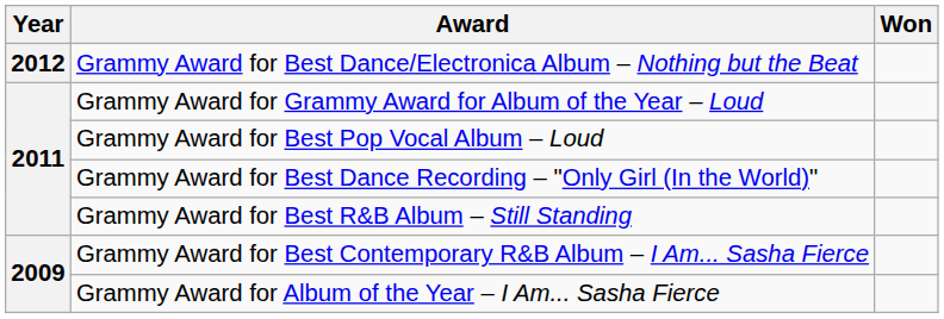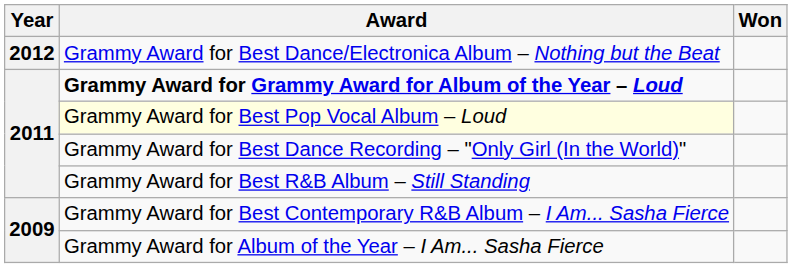 <table class="wikitable plainrowheaders">
 <tr>
 <th>Year</th>
 <th>Award</th>
 <th>Won</th>
 </tr>
 <tr>
 <th scope="row">2012</th>
 <td><a href='#'>Grammy Award</a> for <a href='#'>Best Dance/Electronica Album</a> – <em><a href='#'>Nothing but the Beat</a></em></td>
 <td></td>
 </tr>
 <tr>
 <th scope="row" rowspan="4">2011</th>
-<td>Grammy Award for <a href='#'>Grammy Award for Album of the Year</a> – <em><a href='#'>Loud</a></em></td>
+<td><strong>Grammy Award for <a href='#'>Grammy Award for Album of the Year</a> – <em><a href='#'>Loud</a></em></strong></td>
 <td></td>
 </tr>
 <tr>
-<td>Grammy Award for <a href='#'>Best Pop Vocal Album</a> – <em>Loud</em></td>
+<td style="background: lightyellow;">Grammy Award for <a href='#'>Best Pop Vocal Album</a> – <em>Loud</em></td>
 <td></td>
 </tr>
 <tr>
 <td>Grammy Award for <a href='#'>Best Dance Recording</a> – "<a href='#'>Only Girl (In the World)</a>"</td>
 <td></td>
 </tr>
 <tr>
 <td>Grammy Award for <a href='#'>Best R&B Album</a> – <em><a href='#'>Still Standing</a></em></td>
 <td></td>
 </tr>
 <tr>
 <th scope="row" rowspan="2">2009</th>
 <td>Grammy Award for <a href='#'>Best Contemporary R&B Album</a> – <em><a href='#'>I Am... Sasha Fierce</a></em></td>
 <td></td>
 </tr>
 <tr>
 <td>Grammy Award for <a href='#'>Album of the Year</a> – <em>I Am... Sasha Fierce</em></td>
 <td></td>
 </tr>
 </table>
